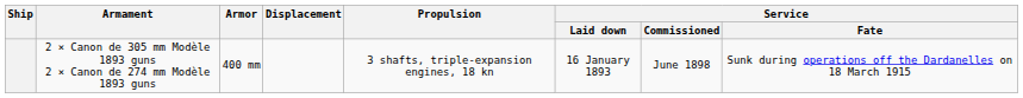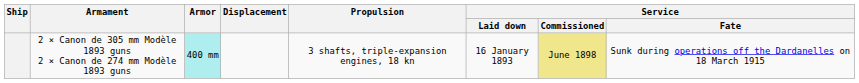 <table class="wikitable plainrowheaders" style="text-align: center;">
 <tr valign="top">
 <th scope="col" rowspan="2">Ship</th>
 <th scope="col" rowspan="2">Armament</th>
 <th scope="col" rowspan="2">Armor</th>
 <th scope="col" rowspan="2">Displacement</th>
 <th scope="col" rowspan="2">Propulsion</th>
 <th scope="col" colspan="3">Service</th>
 </tr>
 <tr valign="top">
 <th scope="col">Laid down</th>
 <th scope="col">Commissioned</th>
 <th scope="col">Fate</th>
 </tr>
 <tr valign="center">
 <th scope="row"></th>
 <td>2 × Canon de 305 mm Modèle 1893 guns<br>2 × Canon de 274 mm Modèle 1893 guns</td>
-<td>400 mm</td>
+<td style="background: paleturquoise;">400 mm</td>
 <td></td>
 <td>3 shafts, triple-expansion engines, 18 kn</td>
 <td>16 January 1893</td>
-<td>June 1898</td>
+<td style="background: khaki;">June 1898</td>
 <td>Sunk during <a href='#'>operations off the Dardanelles</a> on 18 March 1915</td>
 </tr>
 </table>
